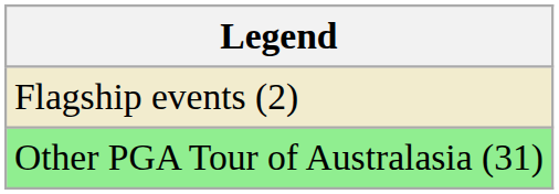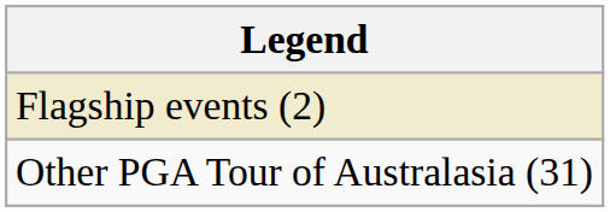 <table class="wikitable" style="font-size:95%;">
 <tr>
 <th>Legend</th>
 </tr>
 <tr style="background:#f2ecce;">
 <td>Flagship events (2)</td>
 </tr>
 <tr>
-<td style="background: lightgreen;">Other PGA Tour of Australasia (31)</td>
+<td>Other PGA Tour of Australasia (31)</td>
 </tr>
 </table>
